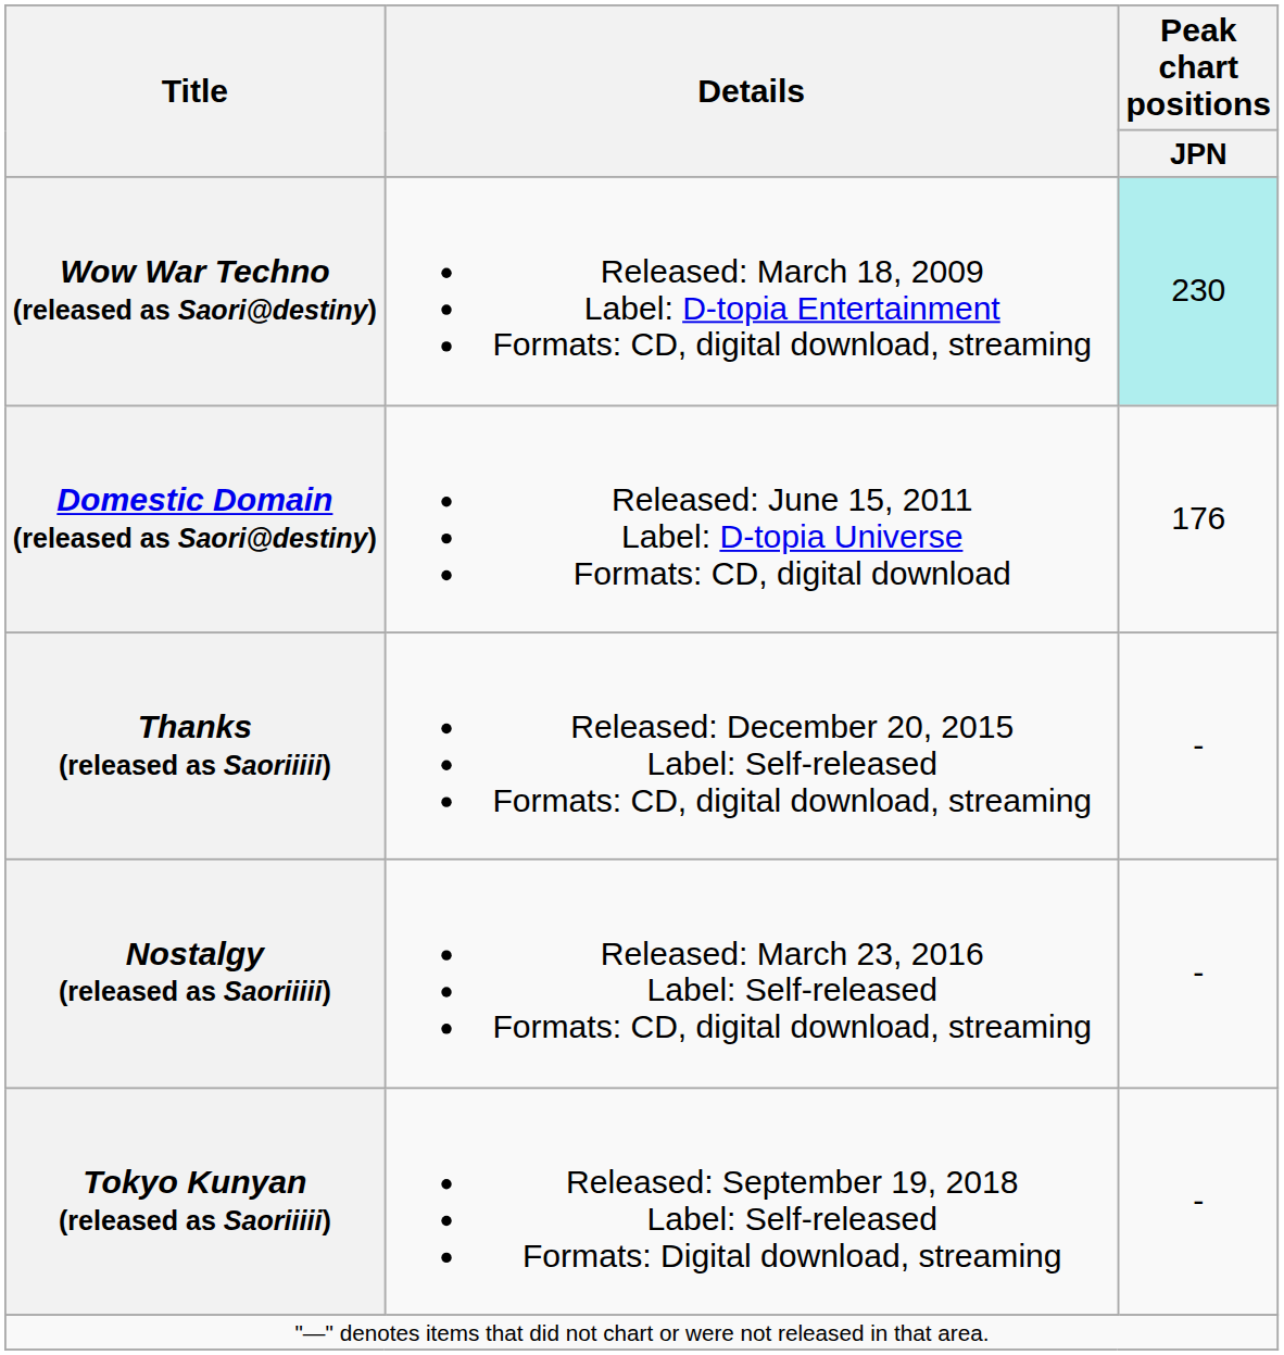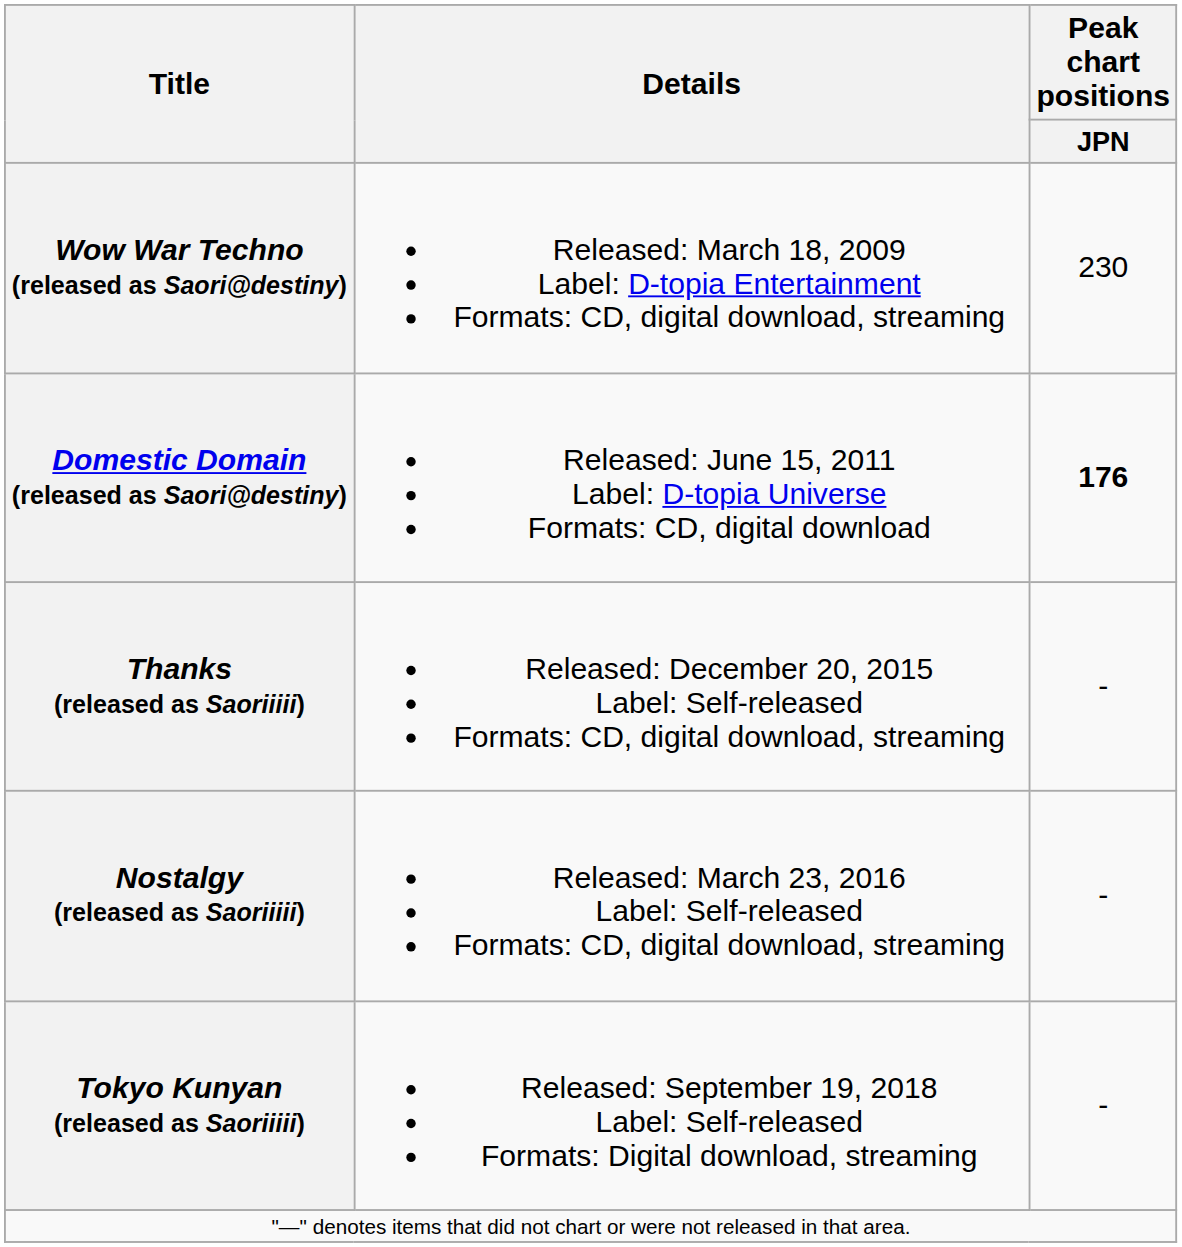 <table class="wikitable plainrowheaders" style="text-align:center;">
 <tr>
 <th scope="col" rowspan="2" 8="width:8em">Title</th>
 <th scope="col" rowspan="2" style="width:22em">Details</th>
 <th scope="col">Peak chart positions</th>
 </tr>
 <tr>
 <th scope="col" style="width:3em;font-size:90%;">JPN</th>
 </tr>
 <tr>
 <th scope="row"><em>Wow War Techno</em> <br> <small>(released as <em>Saori@destiny</em>)</small></th>
 <td><br><ul><li>Released: March 18, 2009</li><li>Label: <a href='#'>D-topia Entertainment</a></li><li>Formats: CD, digital download, streaming</li></ul></td>
-<td style="background: paleturquoise;">230</td>
+<td>230</td>
 </tr>
 <tr>
 <th scope="row"><em><a href='#'>Domestic Domain</a></em> <br> <small>(released as <em>Saori@destiny</em>)</small></th>
 <td><br><ul><li>Released: June 15, 2011</li><li>Label: <a href='#'>D-topia Universe</a></li><li>Formats: CD, digital download</li></ul></td>
-<td>176</td>
+<td><strong>176</strong></td>
 </tr>
 <tr>
 <th scope="row"><em>Thanks</em> <br> <small>(released as <em>Saoriiiii</em>)</small></th>
 <td><br><ul><li>Released: December 20, 2015</li><li>Label: Self-released</li><li>Formats: CD, digital download, streaming</li></ul></td>
 <td>-</td>
 </tr>
 <tr>
 <th scope="row"><em>Nostalgy</em> <br> <small>(released as <em>Saoriiiii</em>)</small></th>
 <td><br><ul><li>Released: March 23, 2016</li><li>Label: Self-released</li><li>Formats: CD, digital download, streaming</li></ul></td>
 <td>-</td>
 </tr>
 <tr>
 <th scope="row"><em>Tokyo Kunyan</em> <br> <small>(released as <em>Saoriiiii</em>)</small></th>
 <td><br><ul><li>Released: September 19, 2018</li><li>Label: Self-released</li><li>Formats: Digital download, streaming</li></ul></td>
 <td>-</td>
 </tr>
 <tr>
 <td colspan="4" style="font-size: 11px;">"—" denotes items that did not chart or were not released in that area.</td>
 </tr>
 </table>
